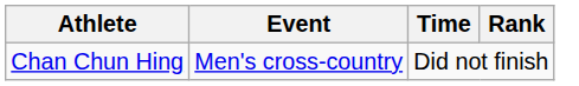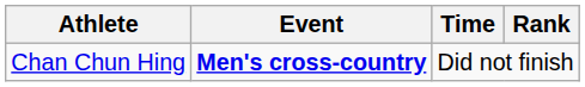 <table class=wikitable style="font-size:90%">
 <tr>
 <th>Athlete</th>
 <th>Event</th>
 <th>Time</th>
 <th>Rank</th>
 </tr>
 <tr align=center>
 <td align=left><a href='#'>Chan Chun Hing</a></td>
-<td align=left><a href='#'>Men's cross-country</a></td>
+<td align=left><strong><a href='#'>Men's cross-country</a></strong></td>
 <td colspan=2>Did not finish</td>
 </tr>
 </table>
